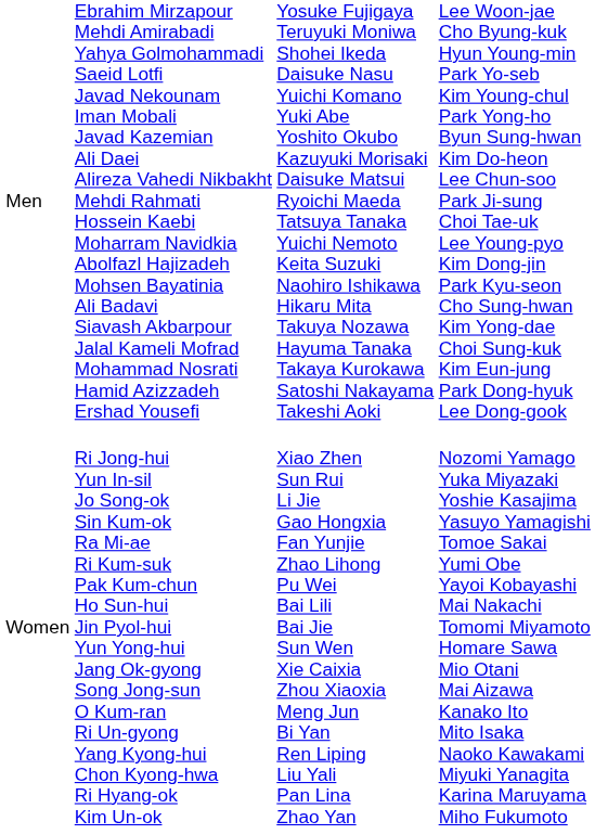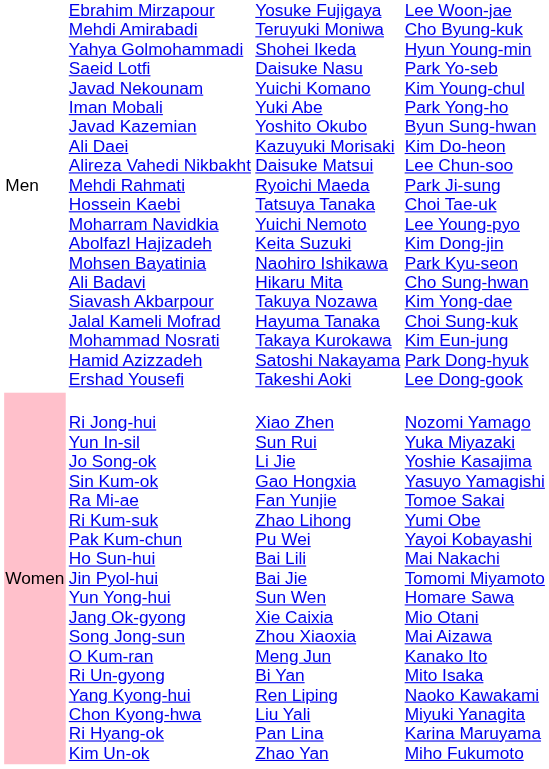 <table>
 <tr>
 <td>Men<br></td>
 <td><br><a href='#'>Ebrahim Mirzapour</a><br><a href='#'>Mehdi Amirabadi</a><br><a href='#'>Yahya Golmohammadi</a><br><a href='#'>Saeid Lotfi</a><br><a href='#'>Javad Nekounam</a><br><a href='#'>Iman Mobali</a><br><a href='#'>Javad Kazemian</a><br><a href='#'>Ali Daei</a><br><a href='#'>Alireza Vahedi Nikbakht</a><br><a href='#'>Mehdi Rahmati</a><br><a href='#'>Hossein Kaebi</a><br><a href='#'>Moharram Navidkia</a><br><a href='#'>Abolfazl Hajizadeh</a><br><a href='#'>Mohsen Bayatinia</a><br><a href='#'>Ali Badavi</a><br><a href='#'>Siavash Akbarpour</a><br><a href='#'>Jalal Kameli Mofrad</a><br><a href='#'>Mohammad Nosrati</a><br><a href='#'>Hamid Azizzadeh</a><br><a href='#'>Ershad Yousefi</a></td>
 <td><br><a href='#'>Yosuke Fujigaya</a><br><a href='#'>Teruyuki Moniwa</a><br><a href='#'>Shohei Ikeda</a><br><a href='#'>Daisuke Nasu</a><br><a href='#'>Yuichi Komano</a><br><a href='#'>Yuki Abe</a><br><a href='#'>Yoshito Okubo</a><br><a href='#'>Kazuyuki Morisaki</a><br><a href='#'>Daisuke Matsui</a><br><a href='#'>Ryoichi Maeda</a><br><a href='#'>Tatsuya Tanaka</a><br><a href='#'>Yuichi Nemoto</a><br><a href='#'>Keita Suzuki</a><br><a href='#'>Naohiro Ishikawa</a><br><a href='#'>Hikaru Mita</a><br><a href='#'>Takuya Nozawa</a><br><a href='#'>Hayuma Tanaka</a><br><a href='#'>Takaya Kurokawa</a><br><a href='#'>Satoshi Nakayama</a><br><a href='#'>Takeshi Aoki</a></td>
 <td><br><a href='#'>Lee Woon-jae</a><br><a href='#'>Cho Byung-kuk</a><br><a href='#'>Hyun Young-min</a><br><a href='#'>Park Yo-seb</a><br><a href='#'>Kim Young-chul</a><br><a href='#'>Park Yong-ho</a><br><a href='#'>Byun Sung-hwan</a><br><a href='#'>Kim Do-heon</a><br><a href='#'>Lee Chun-soo</a><br><a href='#'>Park Ji-sung</a><br><a href='#'>Choi Tae-uk</a><br><a href='#'>Lee Young-pyo</a><br><a href='#'>Kim Dong-jin</a><br><a href='#'>Park Kyu-seon</a><br><a href='#'>Cho Sung-hwan</a><br><a href='#'>Kim Yong-dae</a><br><a href='#'>Choi Sung-kuk</a><br><a href='#'>Kim Eun-jung</a><br><a href='#'>Park Dong-hyuk</a><br><a href='#'>Lee Dong-gook</a></td>
 </tr>
 <tr>
-<td>Women<br></td>
+<td style="background: pink;">Women<br></td>
 <td><br><a href='#'>Ri Jong-hui</a><br><a href='#'>Yun In-sil</a><br><a href='#'>Jo Song-ok</a><br><a href='#'>Sin Kum-ok</a><br><a href='#'>Ra Mi-ae</a><br><a href='#'>Ri Kum-suk</a><br><a href='#'>Pak Kum-chun</a><br><a href='#'>Ho Sun-hui</a><br><a href='#'>Jin Pyol-hui</a><br><a href='#'>Yun Yong-hui</a><br><a href='#'>Jang Ok-gyong</a><br><a href='#'>Song Jong-sun</a><br><a href='#'>O Kum-ran</a><br><a href='#'>Ri Un-gyong</a><br><a href='#'>Yang Kyong-hui</a><br><a href='#'>Chon Kyong-hwa</a><br><a href='#'>Ri Hyang-ok</a><br><a href='#'>Kim Un-ok</a></td>
 <td><br><a href='#'>Xiao Zhen</a><br><a href='#'>Sun Rui</a><br><a href='#'>Li Jie</a><br><a href='#'>Gao Hongxia</a><br><a href='#'>Fan Yunjie</a><br><a href='#'>Zhao Lihong</a><br><a href='#'>Pu Wei</a><br><a href='#'>Bai Lili</a><br><a href='#'>Bai Jie</a><br><a href='#'>Sun Wen</a><br><a href='#'>Xie Caixia</a><br><a href='#'>Zhou Xiaoxia</a><br><a href='#'>Meng Jun</a><br><a href='#'>Bi Yan</a><br><a href='#'>Ren Liping</a><br><a href='#'>Liu Yali</a><br><a href='#'>Pan Lina</a><br><a href='#'>Zhao Yan</a></td>
 <td><br><a href='#'>Nozomi Yamago</a><br><a href='#'>Yuka Miyazaki</a><br><a href='#'>Yoshie Kasajima</a><br><a href='#'>Yasuyo Yamagishi</a><br><a href='#'>Tomoe Sakai</a><br><a href='#'>Yumi Obe</a><br><a href='#'>Yayoi Kobayashi</a><br><a href='#'>Mai Nakachi</a><br><a href='#'>Tomomi Miyamoto</a><br><a href='#'>Homare Sawa</a><br><a href='#'>Mio Otani</a><br><a href='#'>Mai Aizawa</a><br><a href='#'>Kanako Ito</a><br><a href='#'>Mito Isaka</a><br><a href='#'>Naoko Kawakami</a><br><a href='#'>Miyuki Yanagita</a><br><a href='#'>Karina Maruyama</a><br><a href='#'>Miho Fukumoto</a></td>
 </tr>
 </table>
